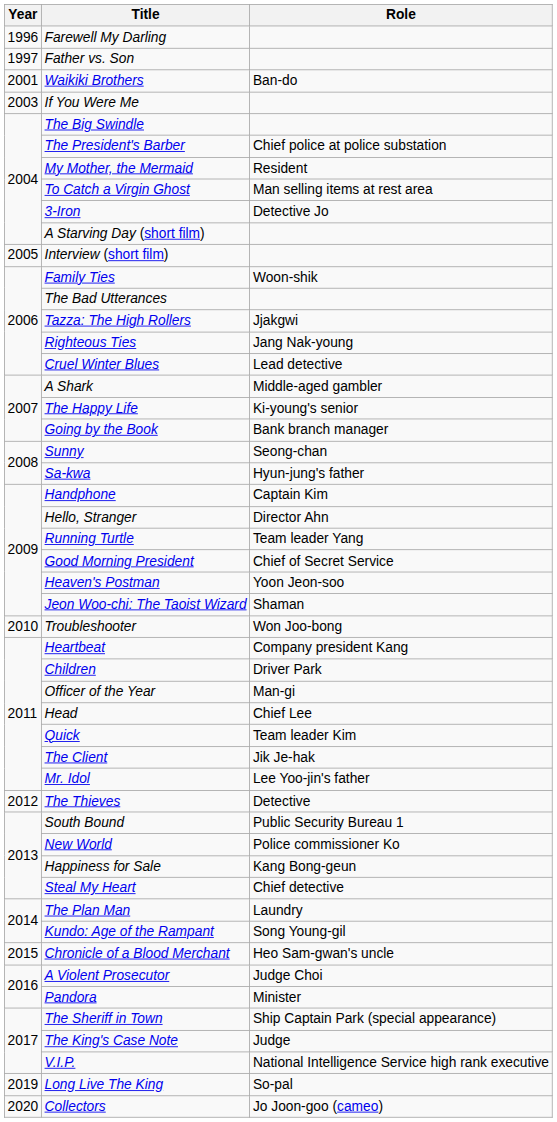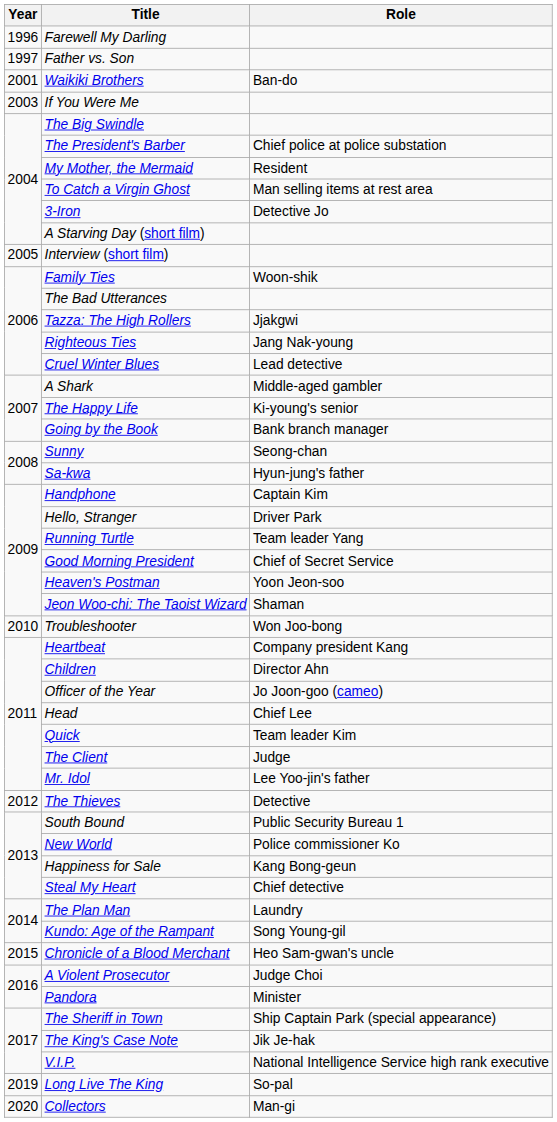 <table class="wikitable sortable">
 <tr>
 <th>Year</th>
 <th>Title</th>
 <th>Role</th>
 </tr>
 <tr>
 <td>1996</td>
 <td><em>Farewell My Darling</em></td>
 <td></td>
 </tr>
 <tr>
 <td>1997</td>
 <td><em>Father vs. Son</em></td>
 <td></td>
 </tr>
 <tr>
 <td>2001</td>
 <td><em><a href='#'>Waikiki Brothers</a></em></td>
 <td>Ban-do</td>
 </tr>
 <tr>
 <td>2003</td>
 <td><em>If You Were Me</em></td>
 <td></td>
 </tr>
 <tr>
 <td rowspan=6>2004</td>
 <td><em><a href='#'>The Big Swindle</a></em></td>
 <td></td>
 </tr>
 <tr>
 <td><em><a href='#'>The President's Barber</a></em></td>
 <td>Chief police at police substation</td>
 </tr>
 <tr>
 <td><em><a href='#'>My Mother, the Mermaid</a></em></td>
 <td>Resident</td>
 </tr>
 <tr>
 <td><em><a href='#'>To Catch a Virgin Ghost</a></em></td>
 <td>Man selling items at rest area</td>
 </tr>
 <tr>
 <td><em><a href='#'>3-Iron</a></em></td>
 <td>Detective Jo</td>
 </tr>
 <tr>
 <td><em>A Starving Day</em> (<a href='#'>short film</a>)</td>
 <td></td>
 </tr>
 <tr>
 <td>2005</td>
 <td><em>Interview</em> (<a href='#'>short film</a>)</td>
 <td></td>
 </tr>
 <tr>
 <td rowspan=5>2006</td>
 <td><em><a href='#'>Family Ties</a></em></td>
 <td>Woon-shik</td>
 </tr>
 <tr>
 <td><em>The Bad Utterances</em></td>
 <td></td>
 </tr>
 <tr>
 <td><em><a href='#'>Tazza: The High Rollers</a></em></td>
 <td>Jjakgwi</td>
 </tr>
 <tr>
 <td><em><a href='#'>Righteous Ties</a></em></td>
 <td>Jang Nak-young</td>
 </tr>
 <tr>
 <td><em><a href='#'>Cruel Winter Blues</a></em></td>
 <td>Lead detective</td>
 </tr>
 <tr>
 <td rowspan=3>2007</td>
 <td><em>A Shark</em></td>
 <td>Middle-aged gambler</td>
 </tr>
 <tr>
 <td><em><a href='#'>The Happy Life</a></em></td>
 <td>Ki-young's senior</td>
 </tr>
 <tr>
 <td><em><a href='#'>Going by the Book</a></em></td>
 <td>Bank branch manager</td>
 </tr>
 <tr>
 <td rowspan=2>2008</td>
 <td><em><a href='#'>Sunny</a></em></td>
 <td>Seong-chan</td>
 </tr>
 <tr>
 <td><em><a href='#'>Sa-kwa</a></em></td>
 <td>Hyun-jung's father</td>
 </tr>
 <tr>
 <td rowspan=6>2009</td>
 <td><em><a href='#'>Handphone</a></em></td>
 <td>Captain Kim</td>
 </tr>
 <tr>
 <td><em>Hello, Stranger</em></td>
-<td>Director Ahn</td>
+<td>Driver Park</td>
 </tr>
 <tr>
 <td><em><a href='#'>Running Turtle</a></em></td>
 <td>Team leader Yang</td>
 </tr>
 <tr>
 <td><em><a href='#'>Good Morning President</a></em></td>
 <td>Chief of Secret Service</td>
 </tr>
 <tr>
 <td><em><a href='#'>Heaven's Postman</a></em></td>
 <td>Yoon Jeon-soo</td>
 </tr>
 <tr>
 <td><em><a href='#'>Jeon Woo-chi: The Taoist Wizard</a></em></td>
 <td>Shaman</td>
 </tr>
 <tr>
 <td>2010</td>
 <td><em>Troubleshooter</em></td>
 <td>Won Joo-bong</td>
 </tr>
 <tr>
 <td rowspan=7>2011</td>
 <td><em><a href='#'>Heartbeat</a></em></td>
 <td>Company president Kang</td>
 </tr>
 <tr>
 <td><em><a href='#'>Children</a></em></td>
-<td>Driver Park</td>
+<td>Director Ahn</td>
 </tr>
 <tr>
 <td><em>Officer of the Year</em></td>
-<td>Man-gi </td>
+<td>Jo Joon-goo (<a href='#'>cameo</a>)</td>
 </tr>
 <tr>
 <td><em>Head</em></td>
 <td>Chief Lee</td>
 </tr>
 <tr>
 <td><em><a href='#'>Quick</a></em></td>
 <td>Team leader Kim</td>
 </tr>
 <tr>
 <td><em><a href='#'>The Client</a></em></td>
-<td>Jik Je-hak</td>
+<td>Judge</td>
 </tr>
 <tr>
 <td><em><a href='#'>Mr. Idol</a></em></td>
 <td>Lee Yoo-jin's father</td>
 </tr>
 <tr>
 <td>2012</td>
 <td><em><a href='#'>The Thieves</a></em></td>
 <td>Detective</td>
 </tr>
 <tr>
 <td rowspan=4>2013</td>
 <td><em>South Bound</em></td>
 <td>Public Security Bureau 1</td>
 </tr>
 <tr>
 <td><em><a href='#'>New World</a></em></td>
 <td>Police commissioner Ko</td>
 </tr>
 <tr>
 <td><em>Happiness for Sale</em></td>
 <td>Kang Bong-geun</td>
 </tr>
 <tr>
 <td><em><a href='#'>Steal My Heart</a></em></td>
 <td>Chief detective</td>
 </tr>
 <tr>
 <td rowspan=2>2014</td>
 <td><em><a href='#'>The Plan Man</a></em></td>
 <td>Laundry</td>
 </tr>
 <tr>
 <td><em><a href='#'>Kundo: Age of the Rampant</a></em></td>
 <td>Song Young-gil</td>
 </tr>
 <tr>
 <td>2015</td>
 <td><em><a href='#'>Chronicle of a Blood Merchant</a></em></td>
 <td>Heo Sam-gwan's uncle</td>
 </tr>
 <tr>
 <td rowspan=2>2016</td>
 <td><em><a href='#'>A Violent Prosecutor</a></em></td>
 <td>Judge Choi</td>
 </tr>
 <tr>
 <td><em><a href='#'>Pandora</a></em></td>
 <td>Minister</td>
 </tr>
 <tr>
 <td rowspan=3>2017</td>
 <td><em><a href='#'>The Sheriff in Town</a></em></td>
 <td>Ship Captain Park (special appearance)</td>
 </tr>
 <tr>
 <td><em><a href='#'>The King's Case Note</a></em></td>
-<td>Judge</td>
+<td>Jik Je-hak</td>
 </tr>
 <tr>
 <td><em><a href='#'>V.I.P.</a></em></td>
 <td>National Intelligence Service high rank executive</td>
 </tr>
 <tr>
 <td>2019</td>
 <td><em><a href='#'>Long Live The King</a></em></td>
 <td>So-pal</td>
 </tr>
 <tr>
 <td rowspan=1>2020</td>
 <td><em><a href='#'>Collectors</a></em></td>
-<td>Jo Joon-goo (<a href='#'>cameo</a>)</td>
+<td>Man-gi </td>
 </tr>
 </table>
